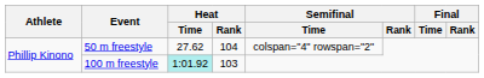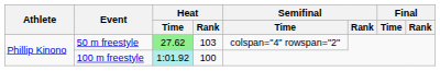 <table class="wikitable" style="text-align:center; font-size:90%; width:50%;">
 <tr>
 <th rowspan="2">Athlete</th>
 <th rowspan="2">Event</th>
 <th colspan="2">Heat</th>
 <th colspan="2">Semifinal</th>
 <th colspan="2">Final</th>
 </tr>
 <tr style="font-size:95%">
 <th>Time</th>
 <th>Rank</th>
 <th>Time</th>
 <th>Rank</th>
 <th>Time</th>
 <th>Rank</th>
 </tr>
 <tr>
 <td align=left rowspan=2><a href='#'>Phillip Kinono</a></td>
 <td align=left><a href='#'>50 m freestyle</a></td>
-<td>27.62</td>
-<td>104</td>
+<td style="background: lightgreen;">27.62</td>
+<td>103</td>
 <td>colspan="4" rowspan="2"</td>
 </tr>
 <tr>
 <td align=left><a href='#'>100 m freestyle</a></td>
 <td style="background: paleturquoise;">1:01.92</td>
-<td>103</td>
+<td>100</td>
 </tr>
 </table>
